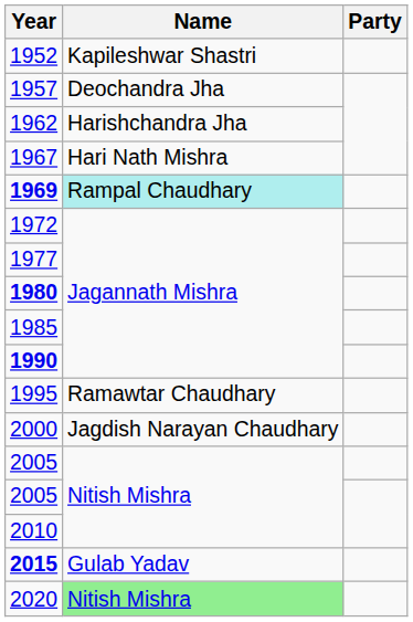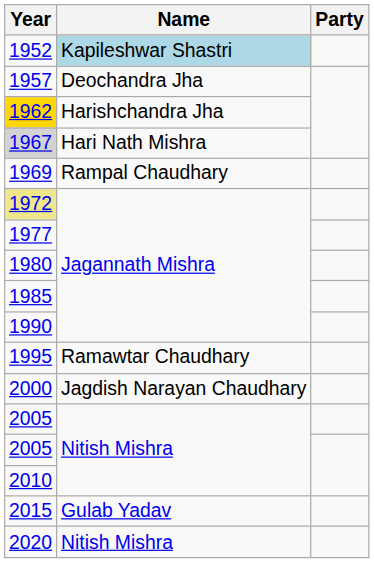 <table class="wikitable sortable">
 <tr>
 <th>Year</th>
 <th>Name</th>
 <th colspan="2">Party</th>
 </tr>
 <tr>
 <td><a href='#'>1952</a></td>
-<td>Kapileshwar Shastri</td>
+<td style="background: lightblue;">Kapileshwar Shastri</td>
 <td></td>
 </tr>
 <tr>
 <td><a href='#'>1957</a></td>
 <td>Deochandra Jha</td>
 </tr>
 <tr>
-<td><a href='#'>1962</a></td>
+<td style="background: gold;"><a href='#'>1962</a></td>
 <td>Harishchandra Jha</td>
 </tr>
 <tr>
-<td><a href='#'>1967</a></td>
+<td style="background: lightgrey;"><a href='#'>1967</a></td>
 <td>Hari Nath Mishra</td>
 </tr>
 <tr>
-<td><strong><a href='#'>1969</a></strong></td>
-<td style="background: paleturquoise;">Rampal Chaudhary</td>
+<td><a href='#'>1969</a></td>
+<td>Rampal Chaudhary</td>
 <td></td>
 </tr>
 <tr>
-<td><a href='#'>1972</a></td>
+<td style="background: khaki;"><a href='#'>1972</a></td>
 <td rowspan="5"><a href='#'>Jagannath Mishra</a></td>
 <td></td>
 </tr>
 <tr>
 <td><a href='#'>1977</a></td>
 </tr>
 <tr>
-<td><strong><a href='#'>1980</a></strong></td>
+<td><a href='#'>1980</a></td>
 <td></td>
 </tr>
 <tr>
 <td><a href='#'>1985</a></td>
 <td></td>
 </tr>
 <tr>
-<td><strong><a href='#'>1990</a></strong></td>
+<td><a href='#'>1990</a></td>
 </tr>
 <tr>
 <td><a href='#'>1995</a></td>
 <td>Ramawtar Chaudhary</td>
 <td></td>
 </tr>
 <tr>
 <td><a href='#'>2000</a></td>
 <td>Jagdish Narayan Chaudhary</td>
 <td></td>
 </tr>
 <tr>
 <td><a href='#'>2005</a></td>
 <td rowspan="3"><a href='#'>Nitish Mishra</a></td>
 <td></td>
 </tr>
 <tr>
 <td><a href='#'>2005</a></td>
 </tr>
 <tr>
 <td><a href='#'>2010</a></td>
 </tr>
 <tr>
-<td><strong><a href='#'>2015</a></strong></td>
+<td><a href='#'>2015</a></td>
 <td><a href='#'>Gulab Yadav</a></td>
 <td></td>
 </tr>
 <tr>
 <td><a href='#'>2020</a></td>
-<td style="background: lightgreen;"><a href='#'>Nitish Mishra</a></td>
+<td><a href='#'>Nitish Mishra</a></td>
 <td></td>
 </tr>
 </table>
